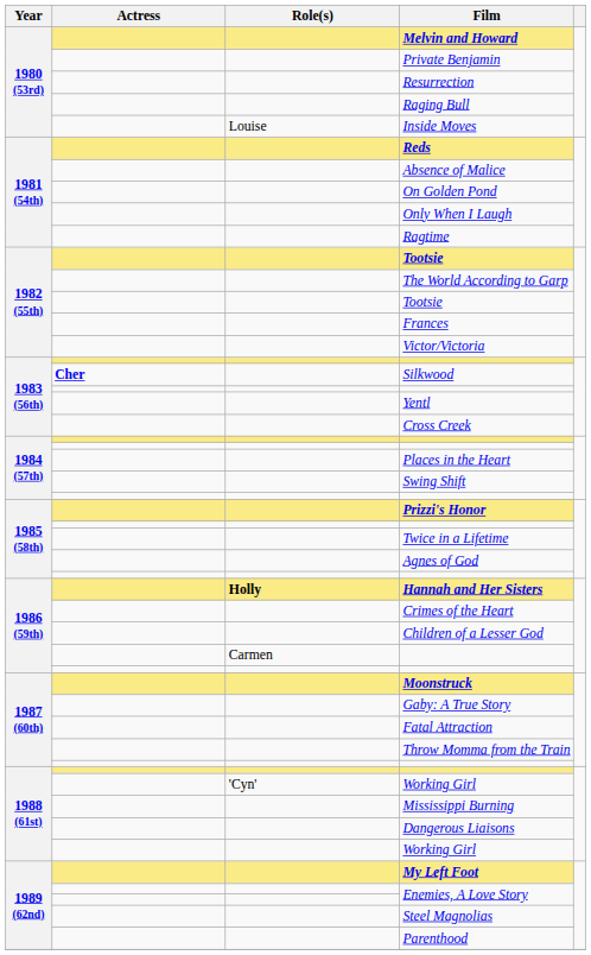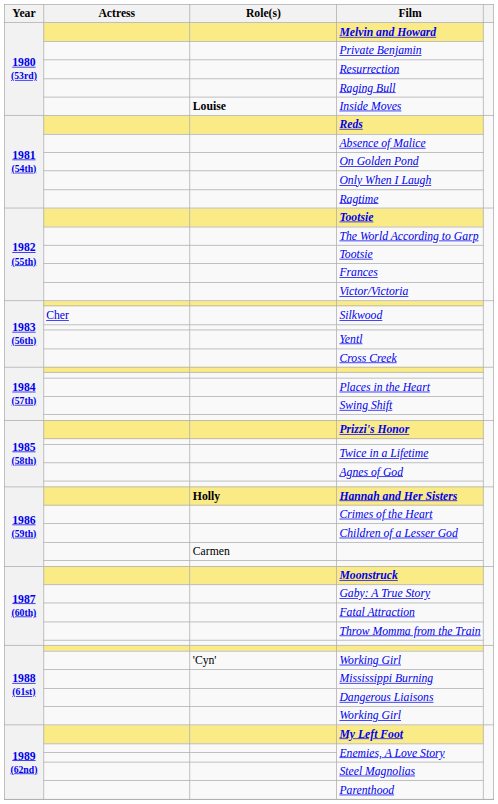 <table class="wikitable sortable" style="text-align:left;">
 <tr>
 <th scope="col" style="width:8%;">Year</th>
 <th scope="col" style="width:30%;">Actress</th>
 <th scope="col" style="width:30%;">Role(s)</th>
 <th scope="col" style="width:30%;">Film</th>
 <th scope="col" style="width:2%;" class="sortable"></th>
 </tr>
 <tr>
 <th scope="row" rowspan=5 style="text-align:center"><a href='#'>1980</a> <br><small><a href='#'>(53rd)</a> </small></th>
 <td style="background:#FAEB86;"><strong> </strong></td>
 <td style="background:#FAEB86;"><strong></strong></td>
 <td style="background:#FAEB86;"><strong><em><a href='#'>Melvin and Howard</a></em></strong></td>
 <td rowspan=5></td>
 </tr>
 <tr>
 <td></td>
 <td></td>
 <td><em><a href='#'>Private Benjamin</a></em></td>
 </tr>
 <tr>
 <td></td>
 <td></td>
 <td><em><a href='#'>Resurrection</a></em></td>
 </tr>
 <tr>
 <td></td>
 <td></td>
 <td><em><a href='#'>Raging Bull</a></em></td>
 </tr>
 <tr>
 <td></td>
-<td>Louise</td>
+<td><strong>Louise</strong></td>
 <td><em><a href='#'>Inside Moves</a></em></td>
 </tr>
 <tr>
 <th rowspan="5" scope="row" style="text-align:center"><a href='#'>1981</a> <br><small><a href='#'>(54th)</a> </small></th>
 <td style="background:#FAEB86;"><strong> </strong></td>
 <td style="background:#FAEB86;"><strong></strong></td>
 <td style="background:#FAEB86;"><strong><em><a href='#'>Reds</a></em></strong></td>
 <td rowspan="5"></td>
 </tr>
 <tr>
 <td></td>
 <td></td>
 <td><em><a href='#'>Absence of Malice</a></em></td>
 </tr>
 <tr>
 <td></td>
 <td></td>
 <td><em><a href='#'>On Golden Pond</a></em></td>
 </tr>
 <tr>
 <td></td>
 <td></td>
 <td><em><a href='#'>Only When I Laugh</a></em></td>
 </tr>
 <tr>
 <td></td>
 <td></td>
 <td><em><a href='#'>Ragtime</a></em></td>
 </tr>
 <tr>
 <th scope="row" rowspan=5 style="text-align:center"><a href='#'>1982</a> <br><small><a href='#'>(55th)</a> </small></th>
 <td style="background:#FAEB86;"><strong> </strong></td>
 <td style="background:#FAEB86;"><strong></strong></td>
 <td style="background:#FAEB86;"><strong><em><a href='#'>Tootsie</a></em></strong></td>
 <td rowspan=5></td>
 </tr>
 <tr>
 <td></td>
 <td></td>
 <td><em><a href='#'>The World According to Garp</a></em></td>
 </tr>
 <tr>
 <td></td>
 <td></td>
 <td><em><a href='#'>Tootsie</a></em></td>
 </tr>
 <tr>
 <td></td>
 <td></td>
 <td><em><a href='#'>Frances</a></em></td>
 </tr>
 <tr>
 <td></td>
 <td></td>
 <td><em><a href='#'>Victor/Victoria</a></em></td>
 </tr>
 <tr>
 <th scope="row" rowspan=5 style="text-align:center"><a href='#'>1983</a> <br><small><a href='#'>(56th)</a> </small></th>
 <td style="background:#FAEB86;"><strong> </strong></td>
 <td style="background:#FAEB86;"><strong></strong></td>
 <td style="background:#FAEB86;"><strong></strong></td>
 <td rowspan=5></td>
 </tr>
 <tr>
-<td><strong><a href='#'>Cher</a></strong></td>
+<td><a href='#'>Cher</a></td>
 <td></td>
 <td><em><a href='#'>Silkwood</a></em></td>
 </tr>
 <tr>
 <td></td>
 <td></td>
 <td></td>
 </tr>
 <tr>
 <td></td>
 <td></td>
 <td><em><a href='#'>Yentl</a></em></td>
 </tr>
 <tr>
 <td></td>
 <td></td>
 <td><em><a href='#'>Cross Creek</a></em></td>
 </tr>
 <tr>
 <th scope="row" rowspan=5 style="text-align:center"><a href='#'>1984</a> <br><small><a href='#'>(57th)</a> </small></th>
 <td style="background:#FAEB86;"><strong> </strong></td>
 <td style="background:#FAEB86;"><strong></strong></td>
 <td style="background:#FAEB86;"><strong><em></em></strong></td>
 <td rowspan=5></td>
 </tr>
 <tr>
 <td></td>
 <td></td>
 <td></td>
 </tr>
 <tr>
 <td></td>
 <td></td>
 <td><em><a href='#'>Places in the Heart</a></em></td>
 </tr>
 <tr>
 <td></td>
 <td></td>
 <td><em><a href='#'>Swing Shift</a></em></td>
 </tr>
 <tr>
 <td></td>
 <td></td>
 <td></td>
 </tr>
 <tr>
 <th rowspan="5" scope="row" style="text-align:center"><a href='#'>1985</a> <br><small><a href='#'>(58th)</a> </small></th>
 <td style="background:#FAEB86;"><strong> </strong></td>
 <td style="background:#FAEB86;"><strong></strong></td>
 <td style="background:#FAEB86;"><strong><em><a href='#'>Prizzi's Honor</a></em></strong></td>
 <td rowspan="5"></td>
 </tr>
 <tr>
 <td></td>
 <td></td>
 <td></td>
 </tr>
 <tr>
 <td></td>
 <td></td>
 <td><em><a href='#'>Twice in a Lifetime</a></em></td>
 </tr>
 <tr>
 <td></td>
 <td></td>
 <td><em><a href='#'>Agnes of God</a></em></td>
 </tr>
 <tr>
 <td></td>
 <td></td>
 <td></td>
 </tr>
 <tr>
 <th scope="row" rowspan=5 style="text-align:center"><a href='#'>1986</a> <br><small><a href='#'>(59th)</a> </small></th>
 <td style="background:#FAEB86;"><strong> </strong></td>
 <td style="background:#FAEB86;"><strong>Holly</strong></td>
 <td style="background:#FAEB86;"><strong><em><a href='#'>Hannah and Her Sisters</a></em></strong></td>
 <td rowspan=5></td>
 </tr>
 <tr>
 <td></td>
 <td></td>
 <td><em><a href='#'>Crimes of the Heart</a></em></td>
 </tr>
 <tr>
 <td></td>
 <td></td>
 <td><em><a href='#'>Children of a Lesser God</a></em></td>
 </tr>
 <tr>
 <td></td>
 <td>Carmen</td>
 <td></td>
 </tr>
 <tr>
 <td></td>
 <td></td>
 <td></td>
 </tr>
 <tr>
 <th scope="row" rowspan=5 style="text-align:center"><a href='#'>1987</a> <br><small><a href='#'>(60th)</a> </small></th>
 <td style="background:#FAEB86;"><strong> </strong></td>
 <td style="background:#FAEB86;"><strong></strong></td>
 <td style="background:#FAEB86;"><strong><em><a href='#'>Moonstruck</a></em></strong></td>
 <td rowspan=5></td>
 </tr>
 <tr>
 <td></td>
 <td></td>
 <td><em><a href='#'>Gaby: A True Story</a></em></td>
 </tr>
 <tr>
 <td></td>
 <td></td>
 <td><em><a href='#'>Fatal Attraction</a></em></td>
 </tr>
 <tr>
 <td></td>
 <td></td>
 <td><em><a href='#'>Throw Momma from the Train</a></em></td>
 </tr>
 <tr>
 <td></td>
 <td></td>
 <td></td>
 </tr>
 <tr>
 <th rowspan="5" scope="row" style="text-align:center"><a href='#'>1988</a> <br><small><a href='#'>(61st)</a> </small></th>
 <td style="background:#FAEB86;"><strong> </strong></td>
 <td style="background:#FAEB86;"><strong></strong></td>
 <td style="background:#FAEB86;"><strong><em></em></strong></td>
 <td rowspan="5"></td>
 </tr>
 <tr>
 <td></td>
 <td>'Cyn'</td>
 <td><em><a href='#'>Working Girl</a></em></td>
 </tr>
 <tr>
 <td></td>
 <td></td>
 <td><em><a href='#'>Mississippi Burning</a></em></td>
 </tr>
 <tr>
 <td></td>
 <td></td>
 <td><em><a href='#'>Dangerous Liaisons</a></em></td>
 </tr>
 <tr>
 <td></td>
 <td></td>
 <td><em><a href='#'>Working Girl</a></em></td>
 </tr>
 <tr>
 <th scope="row" rowspan=5 style="text-align:center"><a href='#'>1989</a> <br><small><a href='#'>(62nd)</a> </small></th>
 <td style="background:#FAEB86;"><strong> </strong></td>
 <td style="background:#FAEB86;"><strong></strong></td>
 <td style="background:#FAEB86;"><strong><em><a href='#'>My Left Foot</a></em></strong></td>
 <td rowspan=5></td>
 </tr>
 <tr>
 <td></td>
 <td></td>
 <td rowspan=2><em><a href='#'>Enemies, A Love Story</a></em></td>
 </tr>
 <tr>
 <td></td>
 <td></td>
 </tr>
 <tr>
 <td></td>
 <td></td>
 <td><em><a href='#'>Steel Magnolias</a></em></td>
 </tr>
 <tr>
 <td></td>
 <td></td>
 <td><em><a href='#'>Parenthood</a></em></td>
 </tr>
 <tr>
 </tr>
 </table>
